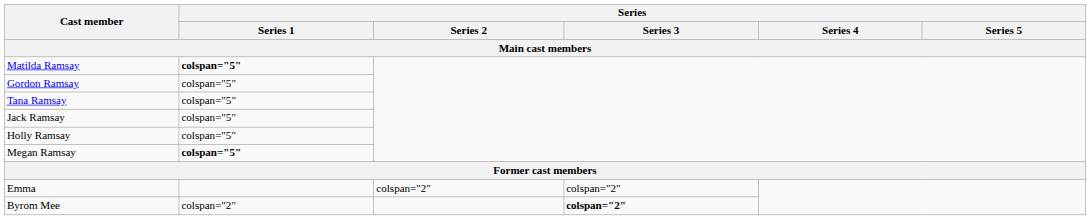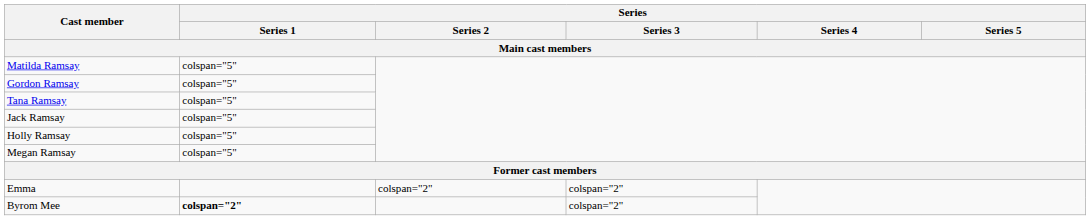 <table class="wikitable">
 <tr>
 <th style="width:3%;" rowspan="2">Cast member</th>
 <th colspan="5">Series</th>
 </tr>
 <tr>
 <th style="width:3%;">Series 1</th>
 <th style="width:3%;">Series 2</th>
 <th style="width:3%;">Series 3</th>
 <th style="width:3%;">Series 4</th>
 <th style="width:3%;">Series 5</th>
 </tr>
 <tr>
 <th colspan="6">Main cast members</th>
 </tr>
 <tr>
 <td><a href='#'>Matilda Ramsay</a></td>
-<td><strong>colspan="5" </strong></td>
+<td>colspan="5" </td>
 </tr>
 <tr>
 <td><a href='#'>Gordon Ramsay</a></td>
 <td>colspan="5" </td>
 </tr>
 <tr>
 <td><a href='#'>Tana Ramsay</a></td>
 <td>colspan="5" </td>
 </tr>
 <tr>
 <td>Jack Ramsay</td>
 <td>colspan="5" </td>
 </tr>
 <tr>
 <td>Holly Ramsay</td>
 <td>colspan="5" </td>
 </tr>
 <tr>
 <td>Megan Ramsay</td>
-<td><strong>colspan="5" </strong></td>
+<td>colspan="5" </td>
 </tr>
 <tr>
 <th colspan="6">Former cast members</th>
 </tr>
 <tr>
 <td>Emma</td>
 <td></td>
 <td>colspan="2" </td>
 <td>colspan="2" </td>
 </tr>
 <tr>
 <td>Byrom Mee</td>
+<td><strong>colspan="2" </strong></td>
+<td></td>
 <td>colspan="2" </td>
-<td></td>
-<td><strong>colspan="2" </strong></td>
 </tr>
 </table>
